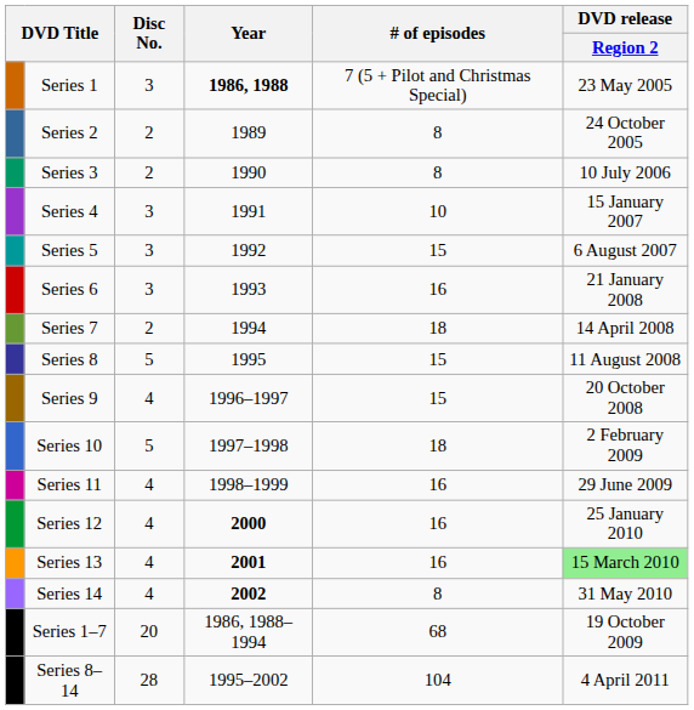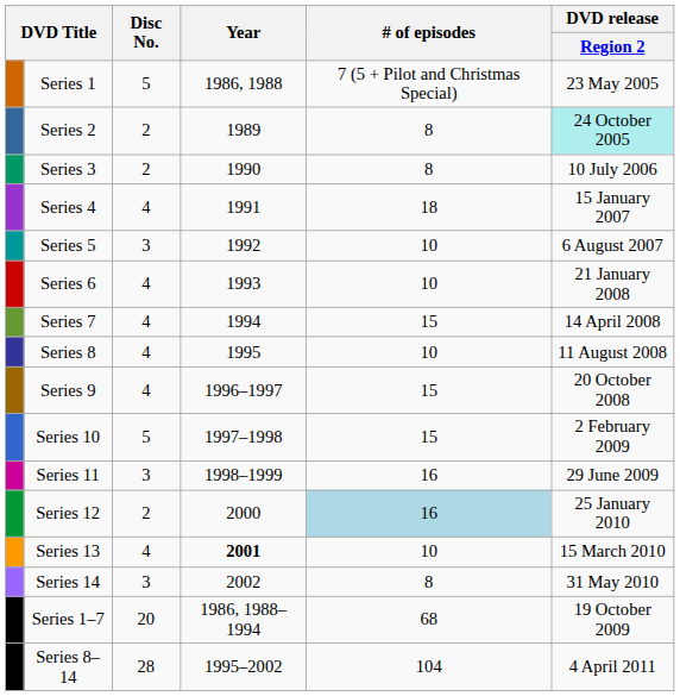 <table class="wikitable" style="width:70%; left:0 auto; text-align:center;">
 <tr>
 <th colspan="2" rowspan="2">DVD Title</th>
 <th rowspan="2">Disc No.</th>
 <th rowspan="2">Year</th>
 <th rowspan="2"># of episodes</th>
 <th colspan="3">DVD release</th>
 </tr>
 <tr>
 <th><a href='#'>Region 2</a></th>
 </tr>
 <tr>
 <td style="height:20px; background:#cd6600; width:10px;"></td>
 <td>Series 1</td>
-<td>3</td>
-<td><strong>1986, 1988</strong></td>
+<td>5</td>
+<td>1986, 1988</td>
 <td>7 (5 + Pilot and Christmas Special)</td>
 <td>23 May 2005</td>
 </tr>
 <tr>
 <td style="background:#369; height:20p;"></td>
 <td>Series 2</td>
 <td>2</td>
 <td>1989</td>
 <td>8</td>
-<td>24 October 2005</td>
+<td style="background: paleturquoise;">24 October 2005</td>
 </tr>
 <tr>
 <td style="background:#096; height:20px;"></td>
 <td>Series 3</td>
 <td>2</td>
 <td>1990</td>
 <td>8</td>
 <td>10 July 2006</td>
 </tr>
 <tr>
 <td style="background:#9933cd; height:20px;"></td>
 <td>Series 4</td>
-<td>3</td>
+<td>4</td>
 <td>1991</td>
-<td>10</td>
+<td>18</td>
 <td>15 January 2007</td>
 </tr>
 <tr>
 <td style="background:#099; height:20px;"></td>
 <td>Series 5</td>
 <td>3</td>
 <td>1992</td>
-<td>15</td>
+<td>10</td>
 <td>6 August 2007</td>
 </tr>
 <tr>
 <td style="background:#cd0000; height:20px;"></td>
 <td>Series 6</td>
-<td>3</td>
+<td>4</td>
 <td>1993</td>
-<td>16</td>
+<td>10</td>
 <td>21 January 2008</td>
 </tr>
 <tr>
 <td style="background:#693; height:20px;"></td>
 <td>Series 7</td>
-<td>2</td>
+<td>4</td>
 <td>1994</td>
-<td>18</td>
+<td>15</td>
 <td>14 April 2008</td>
 </tr>
 <tr>
 <td style="background:#339; height:20px;"></td>
 <td>Series 8</td>
-<td>5</td>
+<td>4</td>
 <td>1995</td>
-<td>15</td>
+<td>10</td>
 <td>11 August 2008</td>
 </tr>
 <tr>
 <td style="background:#960; height:20px;"></td>
 <td>Series 9</td>
 <td>4</td>
 <td>1996–1997</td>
 <td>15</td>
 <td>20 October 2008</td>
 </tr>
 <tr>
 <td style="background:#3366cd; height:20px;"></td>
 <td>Series 10</td>
 <td>5</td>
 <td>1997–1998</td>
-<td>18</td>
+<td>15</td>
 <td>2 February 2009</td>
 </tr>
 <tr>
 <td style="background:#cd0099; height:20px;"></td>
 <td>Series 11</td>
-<td>4</td>
+<td>3</td>
 <td>1998–1999</td>
 <td>16</td>
 <td>29 June 2009</td>
 </tr>
 <tr>
 <td style="background:#093; height:20px;"></td>
 <td>Series 12</td>
-<td>4</td>
-<td><strong>2000</strong></td>
-<td>16</td>
+<td>2</td>
+<td>2000</td>
+<td style="background: lightblue;">16</td>
 <td>25 January 2010</td>
 </tr>
 <tr>
 <td style="background:#f90; height:20px;"></td>
 <td>Series 13</td>
 <td>4</td>
 <td><strong>2001</strong></td>
-<td>16</td>
-<td style="background: lightgreen;">15 March 2010</td>
+<td>10</td>
+<td>15 March 2010</td>
 </tr>
 <tr>
 <td style="background:#96f; height:20px;"></td>
 <td>Series 14</td>
-<td>4</td>
-<td><strong>2002</strong></td>
+<td>3</td>
+<td>2002</td>
 <td>8</td>
 <td>31 May 2010</td>
 </tr>
 <tr>
 <td style="height:20px; background:#000; width:10px;"></td>
 <td>Series 1–7</td>
 <td>20</td>
 <td>1986, 1988–1994</td>
 <td>68</td>
 <td>19 October 2009</td>
 </tr>
 <tr>
 <td style="height:20px; background:#000; width:10px;"></td>
 <td>Series 8–14</td>
 <td>28</td>
 <td>1995–2002</td>
 <td>104</td>
 <td>4 April 2011</td>
 </tr>
 </table>
